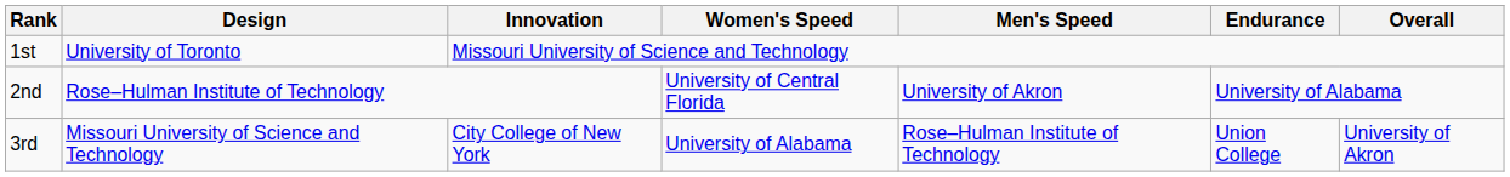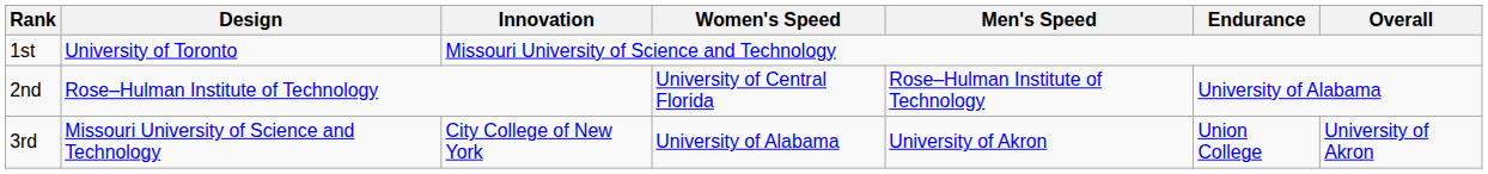 <table class="wikitable mw-collapsible">
 <tr>
 <th>Rank</th>
 <th>Design</th>
 <th>Innovation</th>
 <th>Women's Speed</th>
 <th>Men's Speed</th>
 <th>Endurance</th>
 <th>Overall</th>
 </tr>
 <tr>
 <td>1st</td>
 <td><a href='#'>University of Toronto</a></td>
 <td colspan="5"><a href='#'>Missouri University of Science and Technology</a></td>
 </tr>
 <tr>
 <td>2nd</td>
 <td colspan="2"><a href='#'>Rose–Hulman Institute of Technology</a></td>
 <td><a href='#'>University of Central Florida</a></td>
-<td><a href='#'>University of Akron</a></td>
+<td><a href='#'>Rose–Hulman Institute of Technology</a></td>
 <td colspan="2"><a href='#'>University of Alabama</a></td>
 </tr>
 <tr>
 <td>3rd</td>
 <td><a href='#'>Missouri University of Science and Technology</a></td>
 <td><a href='#'>City College of New York</a></td>
 <td><a href='#'>University of Alabama</a></td>
-<td><a href='#'>Rose–Hulman Institute of Technology</a></td>
+<td><a href='#'>University of Akron</a></td>
 <td><a href='#'>Union College</a></td>
 <td><a href='#'>University of Akron</a></td>
 </tr>
 </table>
